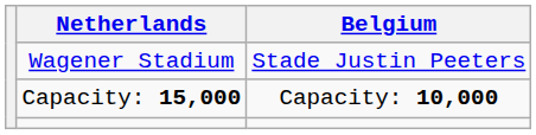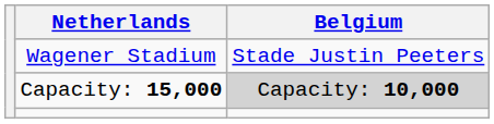 <table class="wikitable" style="text-align:center">
 <tr>
 <th rowspan="4"></th>
 <th><a href='#'>Netherlands</a></th>
 <th><a href='#'>Belgium</a></th>
 </tr>
 <tr>
 <td><a href='#'>Wagener Stadium</a></td>
 <td><a href='#'>Stade Justin Peeters</a></td>
 </tr>
 <tr>
 <td>Capacity: <strong>15,000</strong></td>
-<td>Capacity: <strong>10,000</strong></td>
+<td style="background: lightgrey;">Capacity: <strong>10,000</strong></td>
 </tr>
 <tr>
 <td></td>
 <td></td>
 </tr>
 </table>
